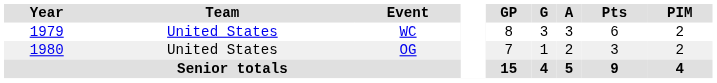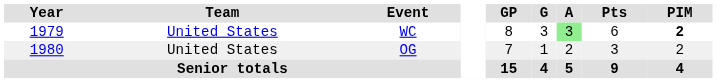 <table border="0" cellpadding="1" cellspacing="0" style="text-align:center; width:50em">
 <tr ALIGN="center" bgcolor="#e0e0e0">
 <th>Year</th>
 <th>Team</th>
 <th>Event</th>
 <th rowspan="99" bgcolor="#ffffff"> </th>
 <th>GP</th>
 <th>G</th>
 <th>A</th>
 <th>Pts</th>
 <th>PIM</th>
 </tr>
 <tr>
 <td><a href='#'>1979</a></td>
 <td><a href='#'>United States</a></td>
 <td><a href='#'>WC</a></td>
 <td>8</td>
 <td>3</td>
-<td>3</td>
+<td style="background: lightgreen;">3</td>
 <td>6</td>
-<td>2</td>
+<td><strong>2</strong></td>
 </tr>
 <tr bgcolor="#f0f0f0">
 <td><a href='#'>1980</a></td>
 <td>United States</td>
 <td><a href='#'>OG</a></td>
 <td>7</td>
 <td>1</td>
 <td>2</td>
 <td>3</td>
 <td>2</td>
 </tr>
 <tr bgcolor="#e0e0e0">
 <th colspan=3>Senior totals</th>
 <th>15</th>
 <th>4</th>
 <th>5</th>
 <th>9</th>
 <th>4</th>
 </tr>
 </table>
